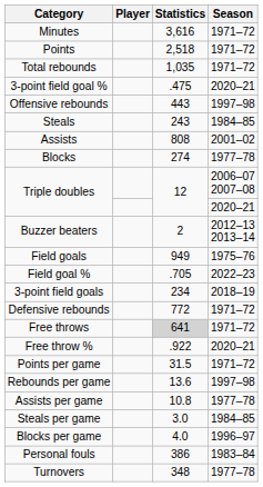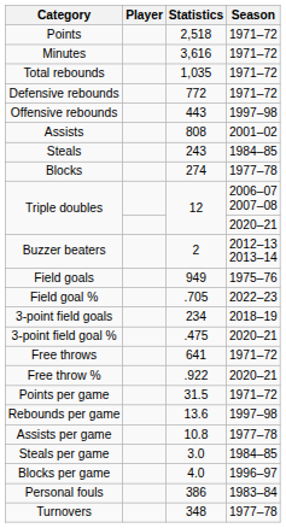 <table class="wikitable" style="text-align:center;">
 <tr>
 <th>Category</th>
 <th>Player</th>
 <th class="unsortable">Statistics</th>
 <th>Season</th>
 </tr>
 <tr>
+<td>Points</td>
+<td></td>
+<td>2,518</td>
+<td>1971–72</td>
+</tr>
+<tr>
 <td>Minutes</td>
 <td></td>
 <td>3,616</td>
-<td>1971–72</td>
-</tr>
-<tr>
-<td>Points</td>
-<td></td>
-<td>2,518</td>
 <td>1971–72</td>
 </tr>
 <tr>
 <td>Total rebounds</td>
 <td></td>
 <td>1,035</td>
 <td>1971–72</td>
 </tr>
 <tr>
-<td>3-point field goal %</td>
+<td>Defensive rebounds</td>
 <td></td>
-<td>.475</td>
-<td>2020–21</td>
+<td>772</td>
+<td>1971–72</td>
 </tr>
 <tr>
 <td>Offensive rebounds</td>
 <td></td>
 <td>443</td>
 <td>1997–98</td>
 </tr>
 <tr>
+<td>Assists</td>
+<td></td>
+<td>808</td>
+<td>2001–02</td>
+</tr>
+<tr>
 <td>Steals</td>
 <td></td>
 <td>243</td>
 <td>1984–85</td>
-</tr>
-<tr>
-<td>Assists</td>
-<td></td>
-<td>808</td>
-<td>2001–02</td>
 </tr>
 <tr>
 <td>Blocks</td>
 <td></td>
 <td>274</td>
 <td>1977–78</td>
 </tr>
 <tr>
 <td rowspan="2">Triple doubles</td>
 <td></td>
 <td rowspan="2">12</td>
 <td>2006–07<br>2007–08</td>
 </tr>
 <tr>
 <td></td>
 <td>2020–21</td>
 </tr>
 <tr>
 <td>Buzzer beaters</td>
 <td></td>
 <td>2</td>
 <td>2012–13<br>2013–14</td>
 </tr>
 <tr>
 <td>Field goals</td>
 <td></td>
 <td>949</td>
 <td>1975–76</td>
 </tr>
 <tr>
 <td>Field goal %</td>
 <td></td>
 <td>.705</td>
 <td>2022–23</td>
 </tr>
 <tr>
 <td>3-point field goals</td>
 <td></td>
 <td>234</td>
 <td>2018–19</td>
 </tr>
 <tr>
-<td>Defensive rebounds</td>
+<td>3-point field goal %</td>
 <td></td>
-<td>772</td>
-<td>1971–72</td>
+<td>.475</td>
+<td>2020–21</td>
 </tr>
 <tr>
 <td>Free throws</td>
 <td></td>
-<td style="background: lightgrey;">641</td>
+<td>641</td>
 <td>1971–72</td>
 </tr>
 <tr>
 <td>Free throw %</td>
 <td></td>
 <td>.922</td>
 <td>2020–21</td>
 </tr>
 <tr>
 <td>Points per game</td>
 <td></td>
 <td>31.5</td>
 <td>1971–72</td>
 </tr>
 <tr>
 <td>Rebounds per game</td>
 <td></td>
 <td>13.6</td>
 <td>1997–98</td>
 </tr>
 <tr>
 <td>Assists per game</td>
 <td></td>
 <td>10.8</td>
 <td>1977–78</td>
 </tr>
 <tr>
 <td>Steals per game</td>
 <td></td>
 <td>3.0</td>
 <td>1984–85</td>
 </tr>
 <tr>
 <td>Blocks per game</td>
 <td></td>
 <td>4.0</td>
 <td>1996–97</td>
 </tr>
 <tr>
 <td>Personal fouls</td>
 <td></td>
 <td>386</td>
 <td>1983–84</td>
 </tr>
 <tr>
 <td>Turnovers</td>
 <td></td>
 <td>348</td>
 <td>1977–78</td>
 </tr>
 </table>
